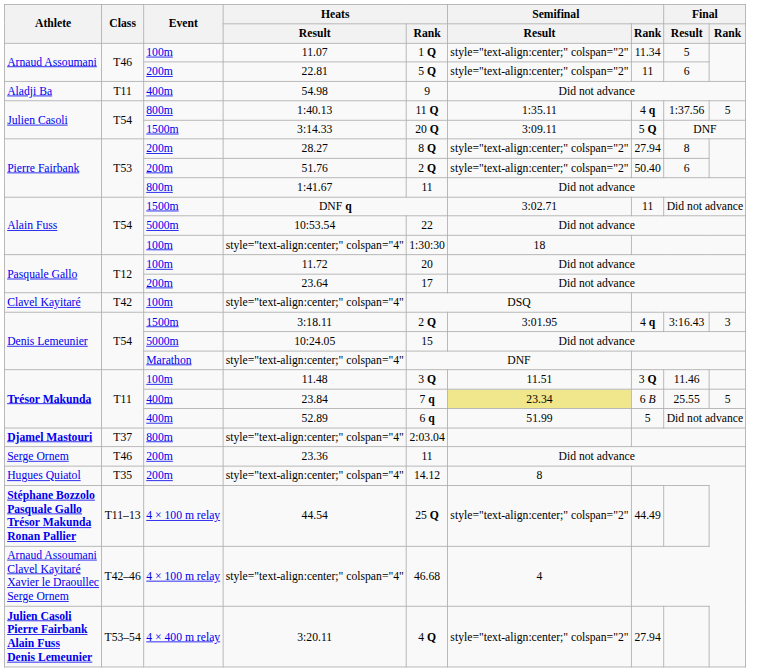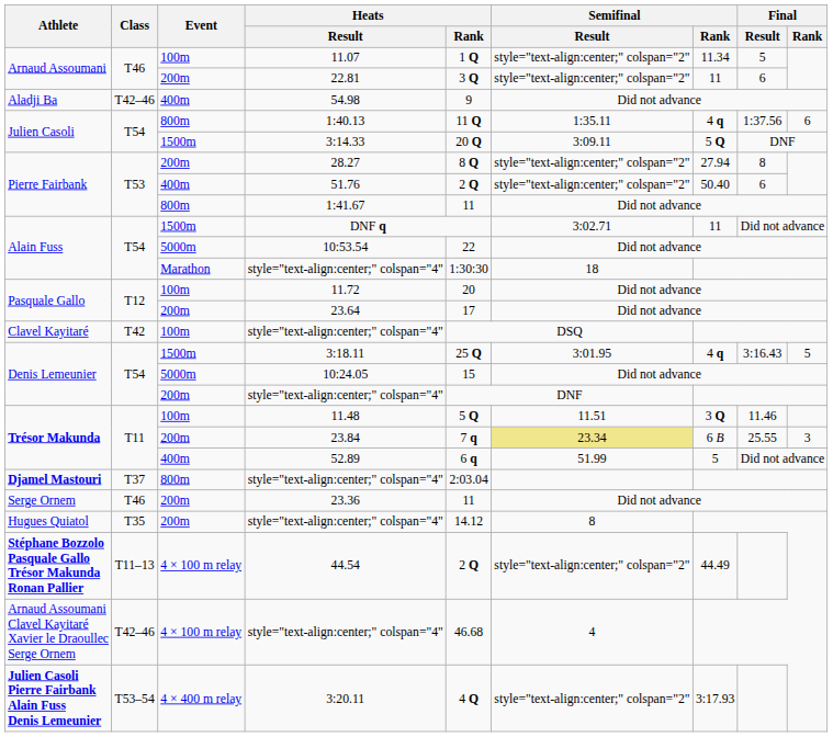 <table class=wikitable style="font-size:90%">
 <tr>
 <th rowspan="2">Athlete</th>
 <th rowspan="2">Class</th>
 <th rowspan="2">Event</th>
 <th colspan="2">Heats</th>
 <th colspan="2">Semifinal</th>
 <th colspan="2">Final</th>
 </tr>
 <tr>
 <th>Result</th>
 <th>Rank</th>
 <th>Result</th>
 <th>Rank</th>
 <th>Result</th>
 <th>Rank</th>
 </tr>
 <tr>
 <td rowspan="2"><a href='#'>Arnaud Assoumani</a></td>
 <td rowspan="2" style="text-align:center;">T46</td>
 <td><a href='#'>100m</a></td>
 <td style="text-align:center;">11.07</td>
 <td style="text-align:center;">1 <strong>Q</strong></td>
 <td>style="text-align:center;" colspan="2" </td>
 <td style="text-align:center;">11.34</td>
 <td style="text-align:center;">5</td>
 </tr>
 <tr>
 <td><a href='#'>200m</a></td>
 <td style="text-align:center;">22.81</td>
-<td style="text-align:center;">5 <strong>Q</strong></td>
+<td style="text-align:center;">3 <strong>Q</strong></td>
 <td>style="text-align:center;" colspan="2" </td>
 <td style="text-align:center;">11</td>
 <td style="text-align:center;">6</td>
 </tr>
 <tr>
 <td><a href='#'>Aladji Ba</a></td>
-<td style="text-align:center;">T11</td>
+<td style="text-align:center;">T42–46</td>
 <td><a href='#'>400m</a></td>
 <td style="text-align:center;">54.98</td>
 <td style="text-align:center;">9</td>
 <td style="text-align:center;" colspan="4">Did not advance</td>
 </tr>
 <tr>
 <td rowspan="2"><a href='#'>Julien Casoli</a></td>
 <td rowspan="2" style="text-align:center;">T54</td>
 <td><a href='#'>800m</a></td>
 <td style="text-align:center;">1:40.13</td>
 <td style="text-align:center;">11 <strong>Q</strong></td>
 <td style="text-align:center;">1:35.11</td>
 <td style="text-align:center;">4 <strong>q</strong></td>
 <td style="text-align:center;">1:37.56</td>
-<td style="text-align:center;">5</td>
+<td style="text-align:center;">6</td>
 </tr>
 <tr>
 <td><a href='#'>1500m</a></td>
 <td style="text-align:center;">3:14.33</td>
 <td style="text-align:center;">20 <strong>Q</strong></td>
 <td style="text-align:center;">3:09.11</td>
 <td style="text-align:center;">5 <strong>Q</strong></td>
 <td style="text-align:center;" colspan="2">DNF</td>
 </tr>
 <tr>
 <td rowspan="3"><a href='#'>Pierre Fairbank</a></td>
 <td rowspan="3" style="text-align:center;">T53</td>
 <td><a href='#'>200m</a></td>
 <td style="text-align:center;">28.27</td>
 <td style="text-align:center;">8 <strong>Q</strong></td>
 <td>style="text-align:center;" colspan="2" </td>
 <td style="text-align:center;">27.94</td>
 <td style="text-align:center;">8</td>
 </tr>
 <tr>
-<td><a href='#'>200m</a></td>
+<td><a href='#'>400m</a></td>
 <td style="text-align:center;">51.76</td>
 <td style="text-align:center;">2 <strong>Q</strong></td>
 <td>style="text-align:center;" colspan="2" </td>
 <td style="text-align:center;">50.40</td>
 <td style="text-align:center;">6</td>
 </tr>
 <tr>
 <td><a href='#'>800m</a></td>
 <td style="text-align:center;">1:41.67</td>
 <td style="text-align:center;">11</td>
 <td style="text-align:center;" colspan="4">Did not advance</td>
 </tr>
 <tr>
 <td rowspan="3"><a href='#'>Alain Fuss</a></td>
 <td rowspan="3" style="text-align:center;">T54</td>
 <td><a href='#'>1500m</a></td>
 <td style="text-align:center;" colspan="2">DNF <strong>q</strong></td>
 <td style="text-align:center;">3:02.71</td>
 <td style="text-align:center;">11</td>
 <td style="text-align:center;" colspan="2">Did not advance</td>
 </tr>
 <tr>
 <td><a href='#'>5000m</a></td>
 <td style="text-align:center;">10:53.54</td>
 <td style="text-align:center;">22</td>
 <td style="text-align:center;" colspan="4">Did not advance</td>
 </tr>
 <tr>
-<td><a href='#'>100m</a></td>
+<td><a href='#'>Marathon</a></td>
 <td>style="text-align:center;" colspan="4" </td>
 <td style="text-align:center;">1:30:30</td>
 <td style="text-align:center;">18</td>
 </tr>
 <tr>
 <td rowspan="2"><a href='#'>Pasquale Gallo</a></td>
 <td rowspan="2" style="text-align:center;">T12</td>
 <td><a href='#'>100m</a></td>
 <td style="text-align:center;">11.72</td>
 <td style="text-align:center;">20</td>
 <td style="text-align:center;" colspan="4">Did not advance</td>
 </tr>
 <tr>
 <td><a href='#'>200m</a></td>
 <td style="text-align:center;">23.64</td>
 <td style="text-align:center;">17</td>
 <td style="text-align:center;" colspan="4">Did not advance</td>
 </tr>
 <tr>
 <td><a href='#'>Clavel Kayitaré</a></td>
 <td style="text-align:center;">T42</td>
 <td><a href='#'>100m</a></td>
 <td>style="text-align:center;" colspan="4" </td>
 <td style="text-align:center;" colspan="2">DSQ</td>
 </tr>
 <tr>
 <td rowspan="3"><a href='#'>Denis Lemeunier</a></td>
 <td rowspan="3" style="text-align:center;">T54</td>
 <td><a href='#'>1500m</a></td>
 <td style="text-align:center;">3:18.11</td>
-<td style="text-align:center;">2 <strong>Q</strong></td>
+<td style="text-align:center;">25 <strong>Q</strong></td>
 <td style="text-align:center;">3:01.95</td>
 <td style="text-align:center;">4 <strong>q</strong></td>
 <td style="text-align:center;">3:16.43</td>
-<td style="text-align:center;">3</td>
+<td style="text-align:center;">5</td>
 </tr>
 <tr>
 <td><a href='#'>5000m</a></td>
 <td style="text-align:center;">10:24.05</td>
 <td style="text-align:center;">15</td>
 <td style="text-align:center;" colspan="4">Did not advance</td>
 </tr>
 <tr>
-<td><a href='#'>Marathon</a></td>
+<td><a href='#'>200m</a></td>
 <td>style="text-align:center;" colspan="4" </td>
 <td style="text-align:center;" colspan="2">DNF</td>
 </tr>
 <tr>
 <td rowspan="3"><strong><a href='#'>Trésor Makunda</a></strong></td>
 <td rowspan="3" style="text-align:center;">T11</td>
 <td><a href='#'>100m</a></td>
 <td style="text-align:center;">11.48</td>
-<td style="text-align:center;">3 <strong>Q</strong></td>
+<td style="text-align:center;">5 <strong>Q</strong></td>
 <td style="text-align:center;">11.51</td>
 <td style="text-align:center;">3 <strong>Q</strong></td>
 <td style="text-align:center;">11.46</td>
 <td style="text-align:center;"></td>
 </tr>
 <tr>
-<td><a href='#'>400m</a></td>
+<td><a href='#'>200m</a></td>
 <td style="text-align:center;">23.84</td>
 <td style="text-align:center;">7 <strong>q</strong></td>
 <td style="background: khaki; text-align:center;">23.34</td>
 <td style="text-align:center;">6 <em>B</em></td>
 <td style="text-align:center;">25.55</td>
-<td style="text-align:center;">5</td>
+<td style="text-align:center;">3</td>
 </tr>
 <tr>
 <td><a href='#'>400m</a></td>
 <td style="text-align:center;">52.89</td>
 <td style="text-align:center;">6 <strong>q</strong></td>
 <td style="text-align:center;">51.99</td>
 <td style="text-align:center;">5</td>
 <td style="text-align:center;" colspan="2">Did not advance</td>
 </tr>
 <tr>
 <td><strong><a href='#'>Djamel Mastouri</a></strong></td>
 <td style="text-align:center;">T37</td>
 <td><a href='#'>800m</a></td>
 <td>style="text-align:center;" colspan="4" </td>
 <td style="text-align:center;">2:03.04</td>
 <td style="text-align:center;"></td>
 </tr>
 <tr>
 <td><a href='#'>Serge Ornem</a></td>
 <td style="text-align:center;">T46</td>
 <td><a href='#'>200m</a></td>
 <td style="text-align:center;">23.36</td>
 <td style="text-align:center;">11</td>
 <td style="text-align:center;" colspan="4">Did not advance</td>
 </tr>
 <tr>
 <td><a href='#'>Hugues Quiatol</a></td>
 <td style="text-align:center;">T35</td>
 <td><a href='#'>200m</a></td>
 <td>style="text-align:center;" colspan="4" </td>
 <td style="text-align:center;">14.12</td>
 <td style="text-align:center;">8</td>
 </tr>
 <tr>
 <td><strong><a href='#'>Stéphane Bozzolo</a></strong><br> <strong><a href='#'>Pasquale Gallo</a></strong><br> <strong><a href='#'>Trésor Makunda</a></strong><br> <strong><a href='#'>Ronan Pallier</a></strong></td>
 <td style="text-align:center;">T11–13</td>
 <td><a href='#'>4 × 100 m relay</a></td>
 <td style="text-align:center;">44.54</td>
-<td style="text-align:center;">25 <strong>Q</strong></td>
+<td style="text-align:center;">2 <strong>Q</strong></td>
 <td>style="text-align:center;" colspan="2" </td>
 <td style="text-align:center;">44.49</td>
 <td style="text-align:center;"></td>
 </tr>
 <tr>
 <td><a href='#'>Arnaud Assoumani</a><br> <a href='#'>Clavel Kayitaré</a><br> <a href='#'>Xavier le Draoullec</a><br> <a href='#'>Serge Ornem</a></td>
 <td style="text-align:center;">T42–46</td>
 <td><a href='#'>4 × 100 m relay</a></td>
 <td>style="text-align:center;" colspan="4" </td>
 <td style="text-align:center;">46.68</td>
 <td style="text-align:center;">4</td>
 </tr>
 <tr>
 <td><strong><a href='#'>Julien Casoli</a></strong><br> <strong><a href='#'>Pierre Fairbank</a></strong><br> <strong><a href='#'>Alain Fuss</a></strong><br> <strong><a href='#'>Denis Lemeunier</a></strong></td>
 <td style="text-align:center;">T53–54</td>
 <td><a href='#'>4 × 400 m relay</a></td>
 <td style="text-align:center;">3:20.11</td>
 <td style="text-align:center;">4 <strong>Q</strong></td>
 <td>style="text-align:center;" colspan="2" </td>
-<td style="text-align:center;">27.94</td>
+<td style="text-align:center;">3:17.93</td>
 <td style="text-align:center;"></td>
 </tr>
 </table>
